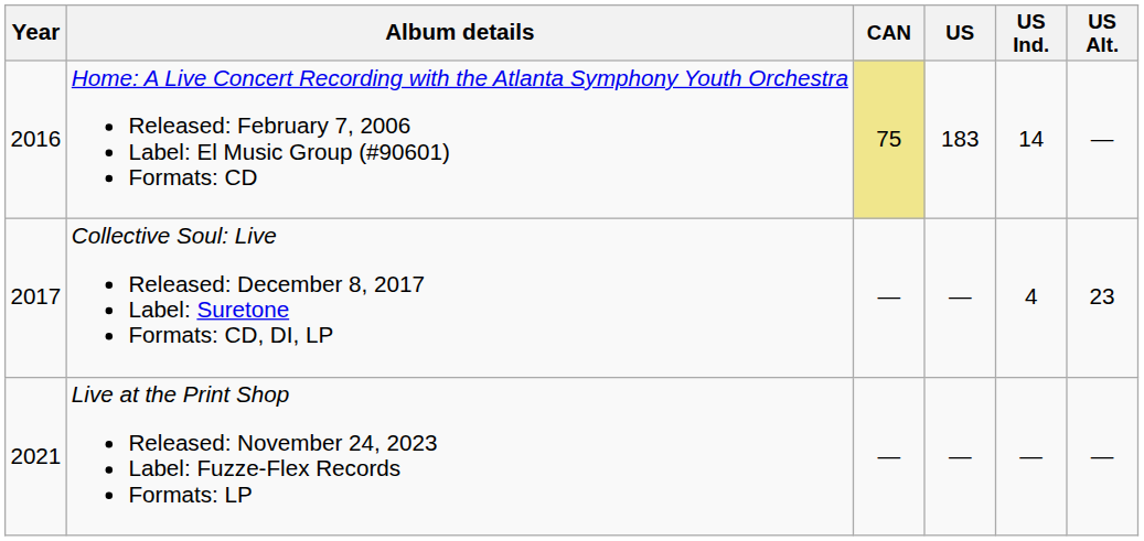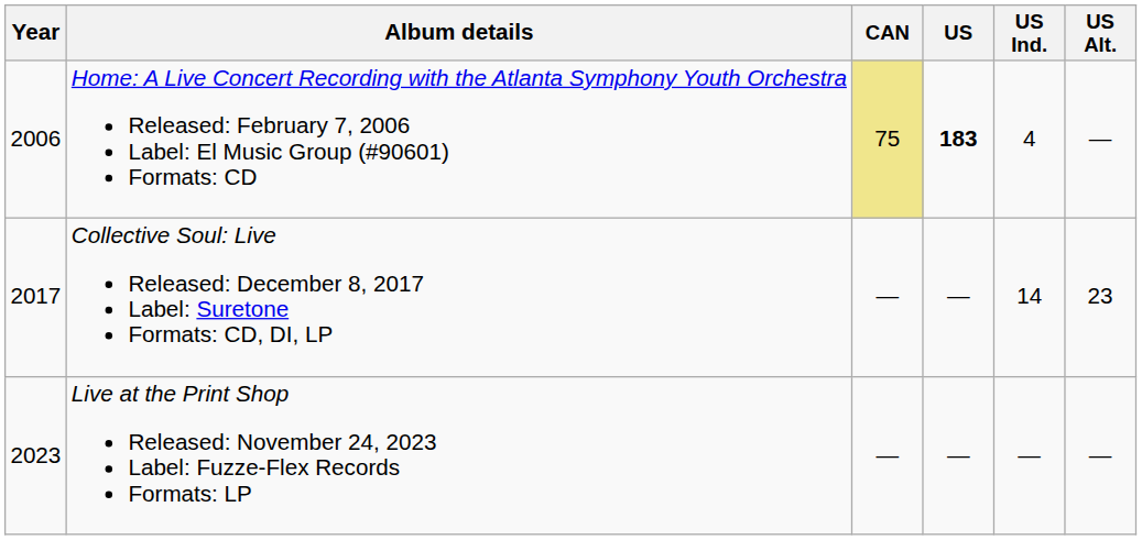 <table class="wikitable">
 <tr>
 <th>Year</th>
 <th>Album details</th>
 <th style="width:3em;font-size:90%">CAN<br></th>
 <th style="width:3em;font-size:90%">US<br></th>
 <th style="width:3em;font-size:90%">US<br>Ind.<br></th>
 <th style="width:3em;font-size:90%">US<br>Alt.<br></th>
 </tr>
 <tr>
-<td>2016</td>
+<td>2006</td>
 <td align="left"><em><a href='#'>Home: A Live Concert Recording with the Atlanta Symphony Youth Orchestra</a></em><br><ul><li>Released: February 7, 2006</li><li>Label: El Music Group (#90601)</li><li>Formats: CD</li></ul></td>
 <td align="center" style="background: khaki;">75</td>
-<td align="center">183</td>
-<td align="center">14</td>
+<td align="center"><strong>183</strong></td>
+<td align="center">4</td>
 <td align="center">—</td>
 </tr>
 <tr>
 <td>2017</td>
 <td align="left"><em>Collective Soul: Live</em><br><ul><li>Released: December 8, 2017</li><li>Label: <a href='#'>Suretone</a></li><li>Formats: CD, DI, LP</li></ul></td>
 <td align="center">—</td>
 <td align="center">—</td>
-<td align="center">4</td>
+<td align="center">14</td>
 <td align="center">23</td>
 </tr>
 <tr>
-<td>2021</td>
+<td>2023</td>
 <td align="left"><em>Live at the Print Shop</em><br><ul><li>Released: November 24, 2023</li><li>Label: Fuzze-Flex Records</li><li>Formats: LP</li></ul></td>
 <td align="center">—</td>
 <td align="center">—</td>
 <td align="center">—</td>
 <td align="center">—</td>
 </tr>
 </table>
